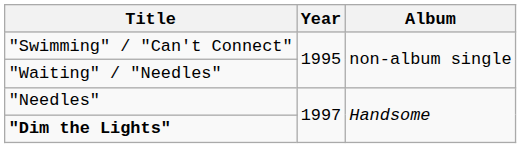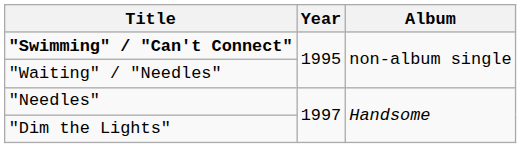 <table class="wikitable">
 <tr>
 <th>Title</th>
 <th>Year</th>
 <th>Album</th>
 </tr>
 <tr>
-<td>"Swimming" / "Can't Connect"</td>
+<td><strong>"Swimming" / "Can't Connect"</strong></td>
 <td rowspan="2">1995</td>
 <td rowspan="2">non-album single</td>
 </tr>
 <tr>
 <td>"Waiting" / "Needles"</td>
 </tr>
 <tr>
 <td>"Needles"</td>
 <td rowspan="2">1997</td>
 <td rowspan="2"><em>Handsome</em></td>
 </tr>
 <tr>
-<td><strong>"Dim the Lights"</strong></td>
+<td>"Dim the Lights"</td>
 </tr>
 </table>
